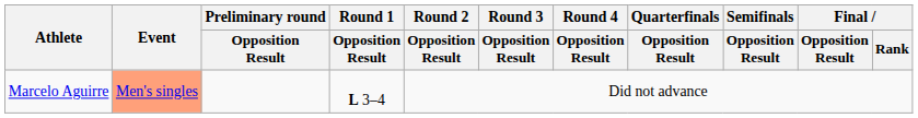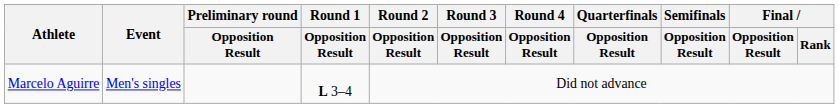 <table class="wikitable" style="font-size:90%">
 <tr>
 <th rowspan="2">Athlete</th>
 <th rowspan="2">Event</th>
 <th>Preliminary round</th>
 <th>Round 1</th>
 <th>Round 2</th>
 <th>Round 3</th>
 <th>Round 4</th>
 <th>Quarterfinals</th>
 <th>Semifinals</th>
 <th colspan=2>Final / </th>
 </tr>
 <tr style="font-size:95%">
 <th>Opposition<br>Result</th>
 <th>Opposition<br>Result</th>
 <th>Opposition<br>Result</th>
 <th>Opposition<br>Result</th>
 <th>Opposition<br>Result</th>
 <th>Opposition<br>Result</th>
 <th>Opposition<br>Result</th>
 <th>Opposition<br>Result</th>
 <th>Rank</th>
 </tr>
 <tr align=center>
 <td align=left><a href='#'>Marcelo Aguirre</a></td>
-<td align=left style="background: lightsalmon;"><a href='#'>Men's singles</a></td>
+<td align=left><a href='#'>Men's singles</a></td>
 <td></td>
 <td><br><strong>L</strong> 3–4</td>
 <td colspan=7>Did not advance</td>
 </tr>
 </table>
